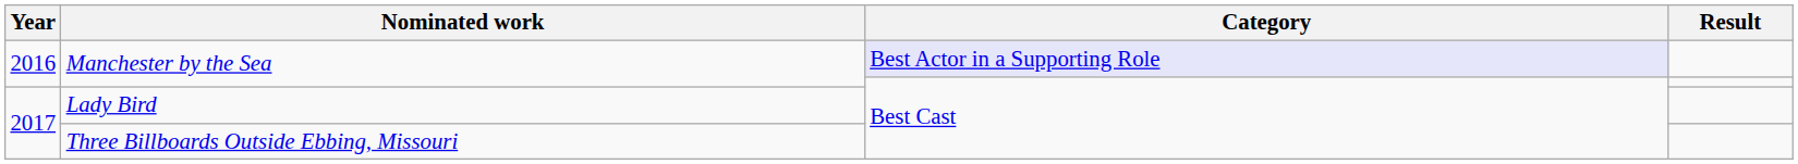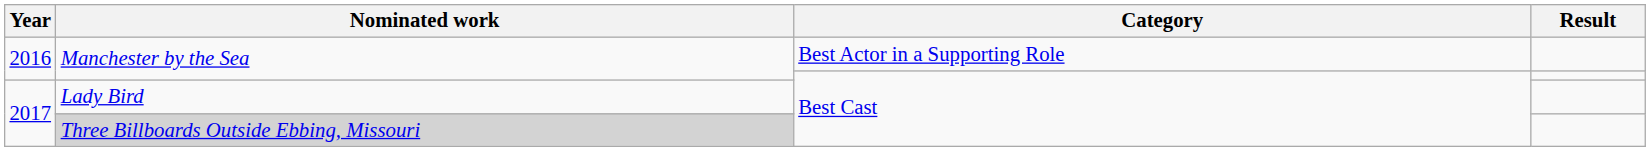 <table class="wikitable">
 <tr>
 <th scope="col" style="width:1em;">Year</th>
 <th scope="col" style="width:35em;">Nominated work</th>
 <th scope="col" style="width:35em;">Category</th>
 <th scope="col" style="width:5em;">Result</th>
 </tr>
 <tr>
 <td rowspan="2"><a href='#'>2016</a></td>
 <td rowspan="2"><em><a href='#'>Manchester by the Sea</a></em></td>
-<td style="background: lavender;"><a href='#'>Best Actor in a Supporting Role</a></td>
+<td><a href='#'>Best Actor in a Supporting Role</a></td>
 <td></td>
 </tr>
 <tr>
 <td rowspan="3"><a href='#'>Best Cast</a></td>
 <td></td>
 </tr>
 <tr>
 <td rowspan="2"><a href='#'>2017</a></td>
 <td><em><a href='#'>Lady Bird</a></em></td>
 <td></td>
 </tr>
 <tr>
-<td><em><a href='#'>Three Billboards Outside Ebbing, Missouri</a></em></td>
+<td style="background: lightgrey;"><em><a href='#'>Three Billboards Outside Ebbing, Missouri</a></em></td>
 <td></td>
 </tr>
 </table>
